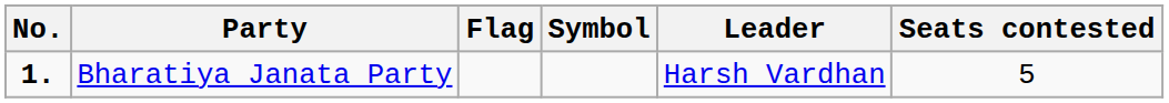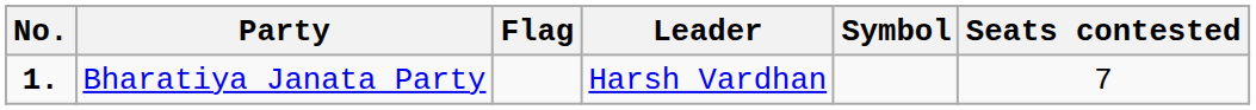 <table class="wikitable">
 <tr>
 <th>No.</th>
 <th>Party</th>
 <th>Flag</th>
+<th>Leader</th>
 <th>Symbol</th>
-<th>Leader</th>
 <th>Seats contested</th>
 </tr>
 <tr>
 <td ! style="text-align:center; background:"><strong>1.</strong></td>
 <td style="text-align:center"><a href='#'>Bharatiya Janata Party</a></td>
 <td></td>
+<td style="text-align:center"><a href='#'>Harsh Vardhan</a></td>
 <td></td>
-<td style="text-align:center"><a href='#'>Harsh Vardhan</a></td>
-<td style="text-align:center">5</td>
+<td style="text-align:center">7</td>
 </tr>
 </table>
